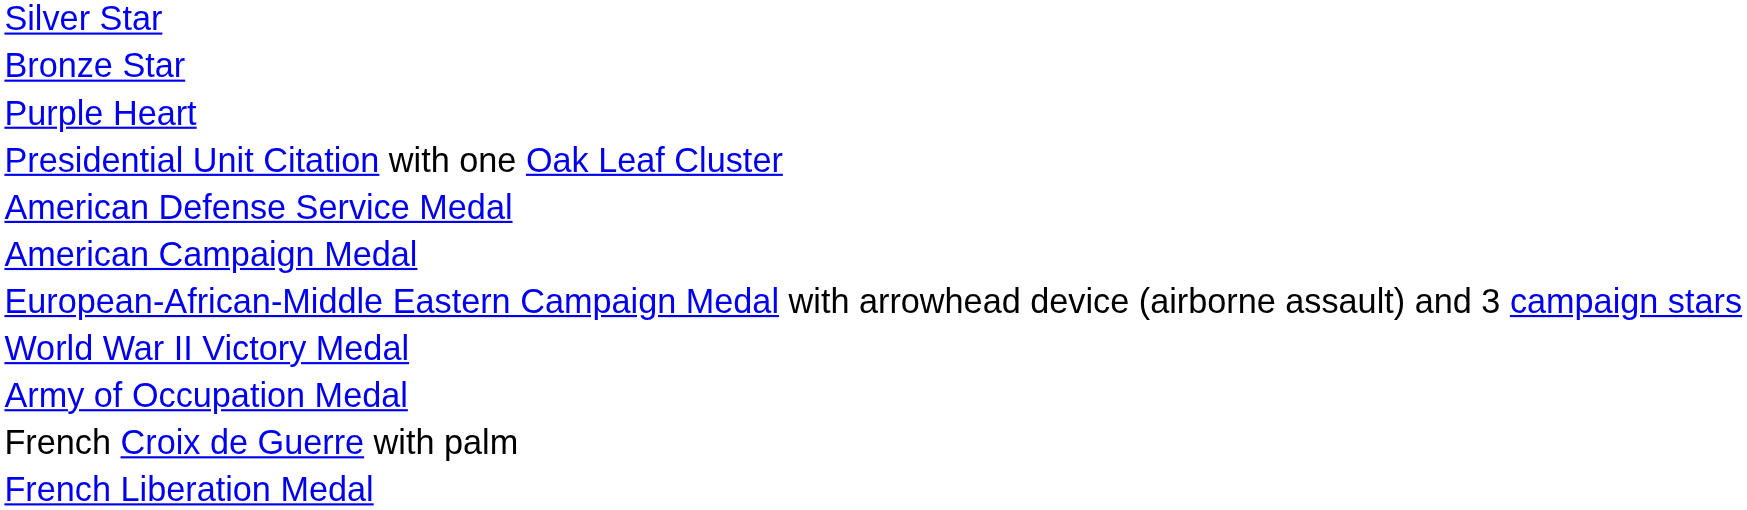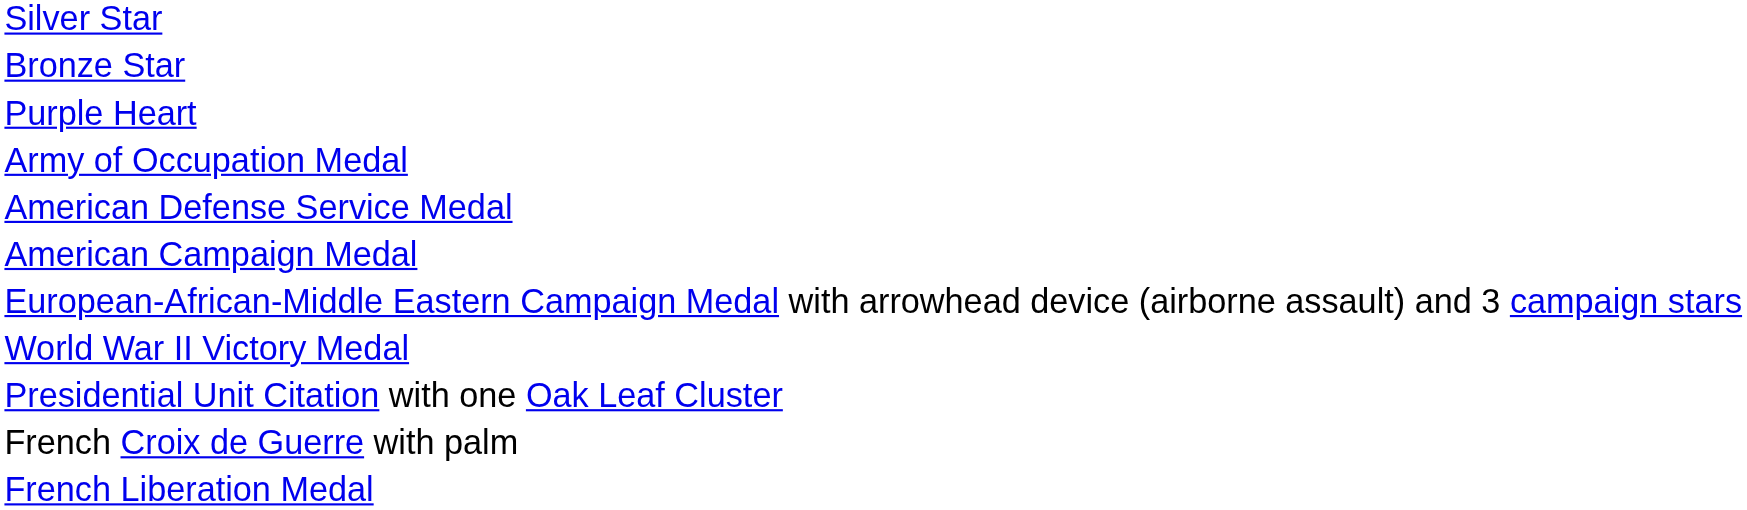 <table>
 <tr>
 <td> <a href='#'>Silver Star</a></td>
 </tr>
 <tr>
 <td> <a href='#'>Bronze Star</a></td>
 </tr>
 <tr>
 <td> <a href='#'>Purple Heart</a></td>
 </tr>
 <tr>
-<td> <a href='#'>Presidential Unit Citation</a> with one <a href='#'>Oak Leaf Cluster</a></td>
+<td> <a href='#'>Army of Occupation Medal</a></td>
 </tr>
 <tr>
 <td> <a href='#'>American Defense Service Medal</a></td>
 </tr>
 <tr>
 <td> <a href='#'>American Campaign Medal</a></td>
 </tr>
 <tr>
 <td> <a href='#'>European-African-Middle Eastern Campaign Medal</a> with arrowhead device (airborne assault) and 3 <a href='#'>campaign stars</a></td>
 </tr>
 <tr>
 <td> <a href='#'>World War II Victory Medal</a></td>
 </tr>
 <tr>
-<td> <a href='#'>Army of Occupation Medal</a></td>
+<td> <a href='#'>Presidential Unit Citation</a> with one <a href='#'>Oak Leaf Cluster</a></td>
 </tr>
 <tr>
 <td> French <a href='#'>Croix de Guerre</a> with palm</td>
 </tr>
 <tr>
 <td> <a href='#'>French Liberation Medal</a></td>
 </tr>
 </table>
